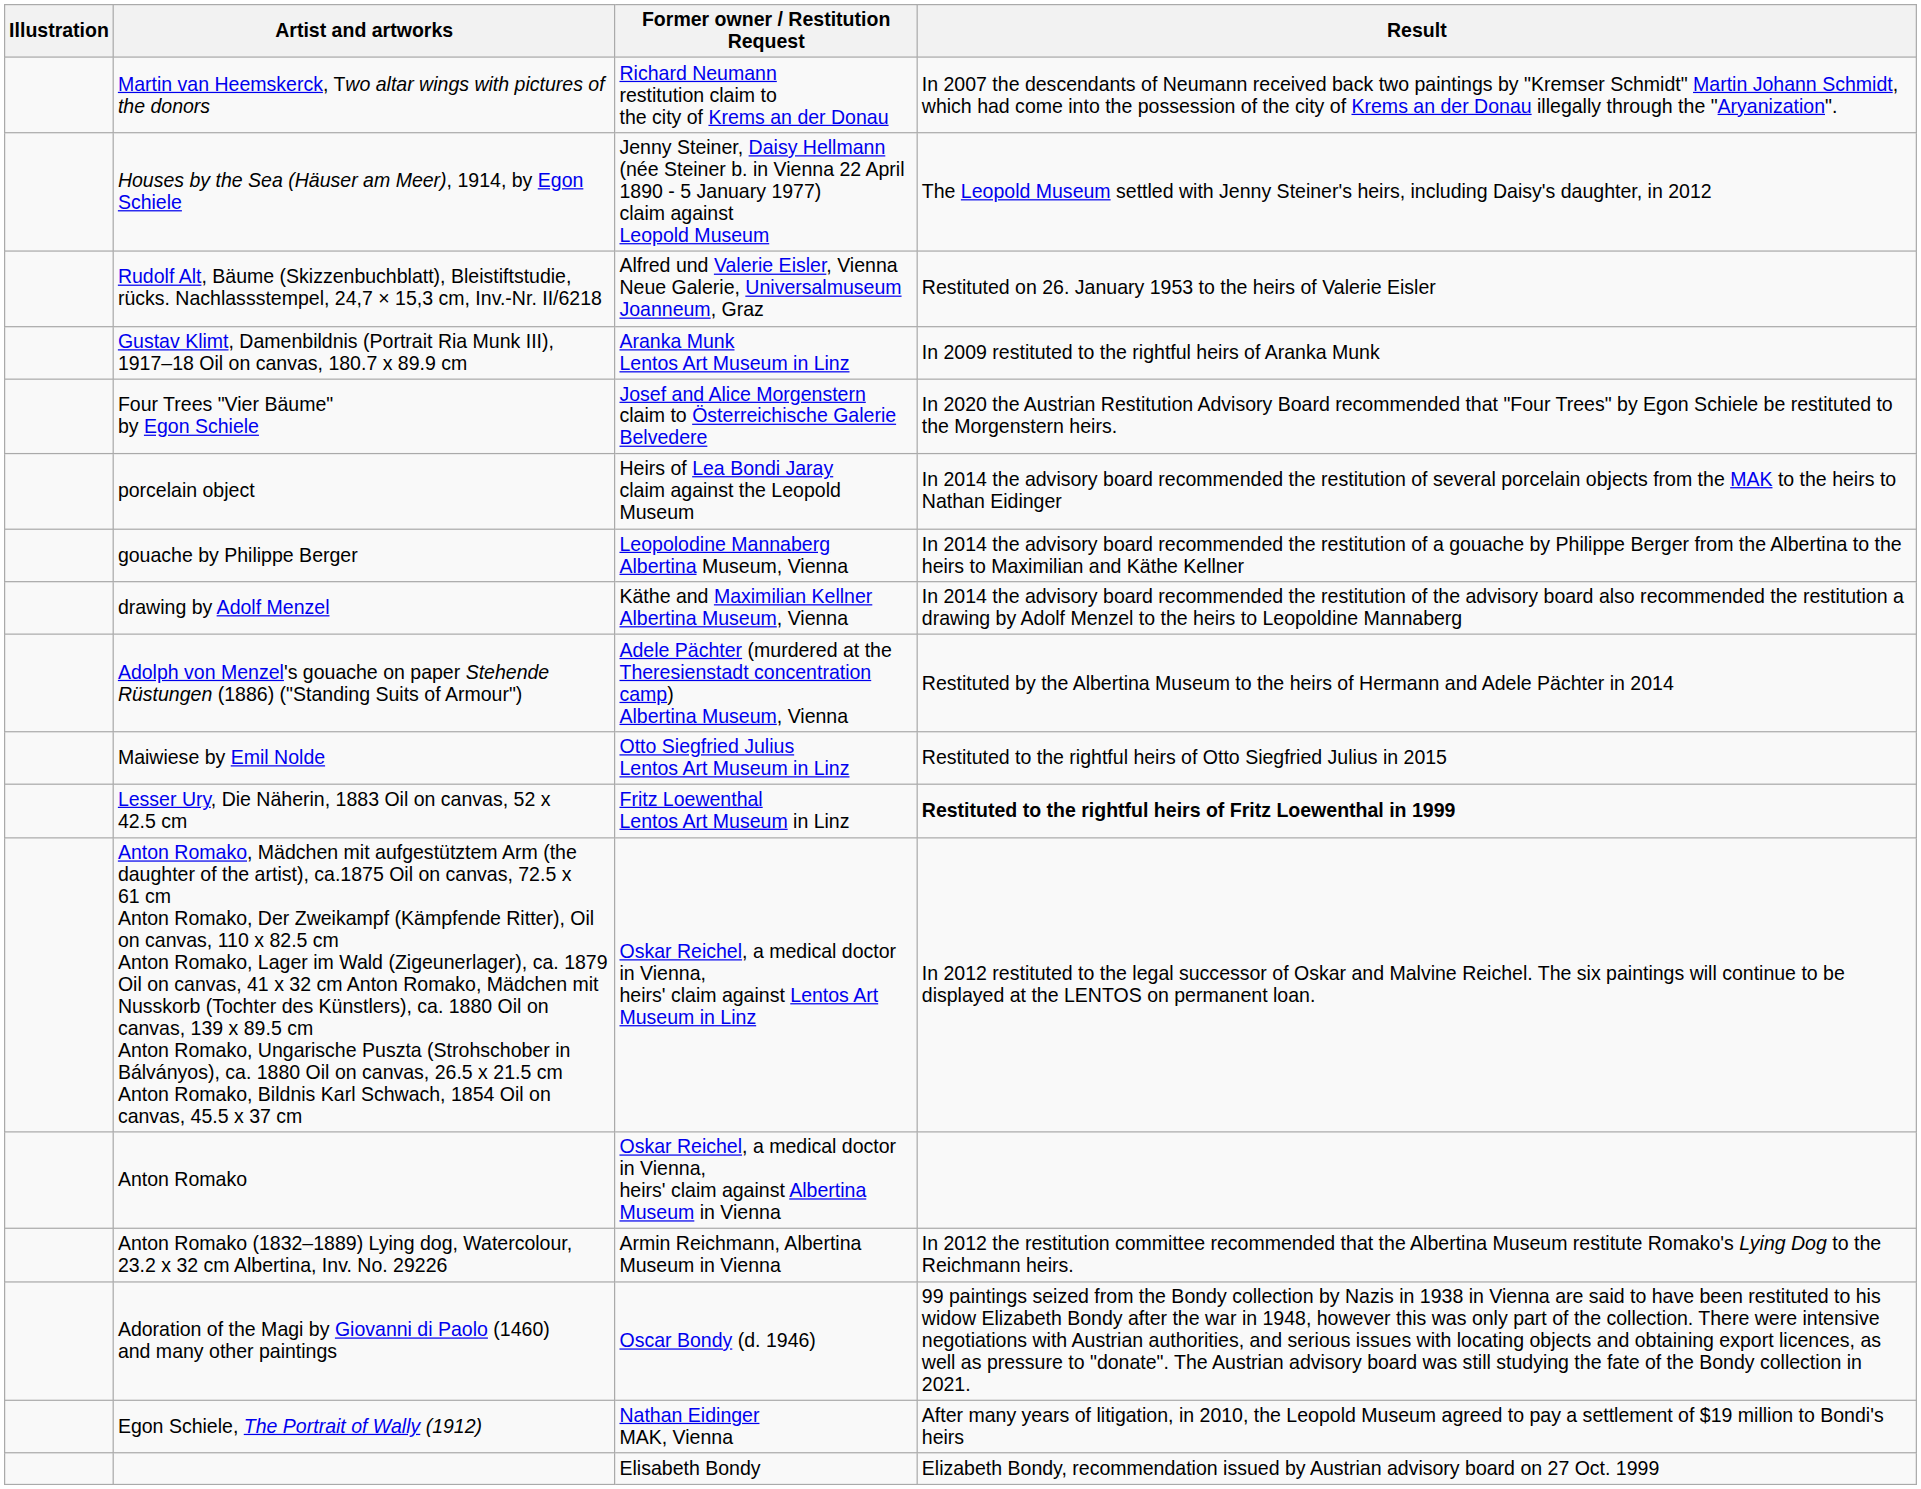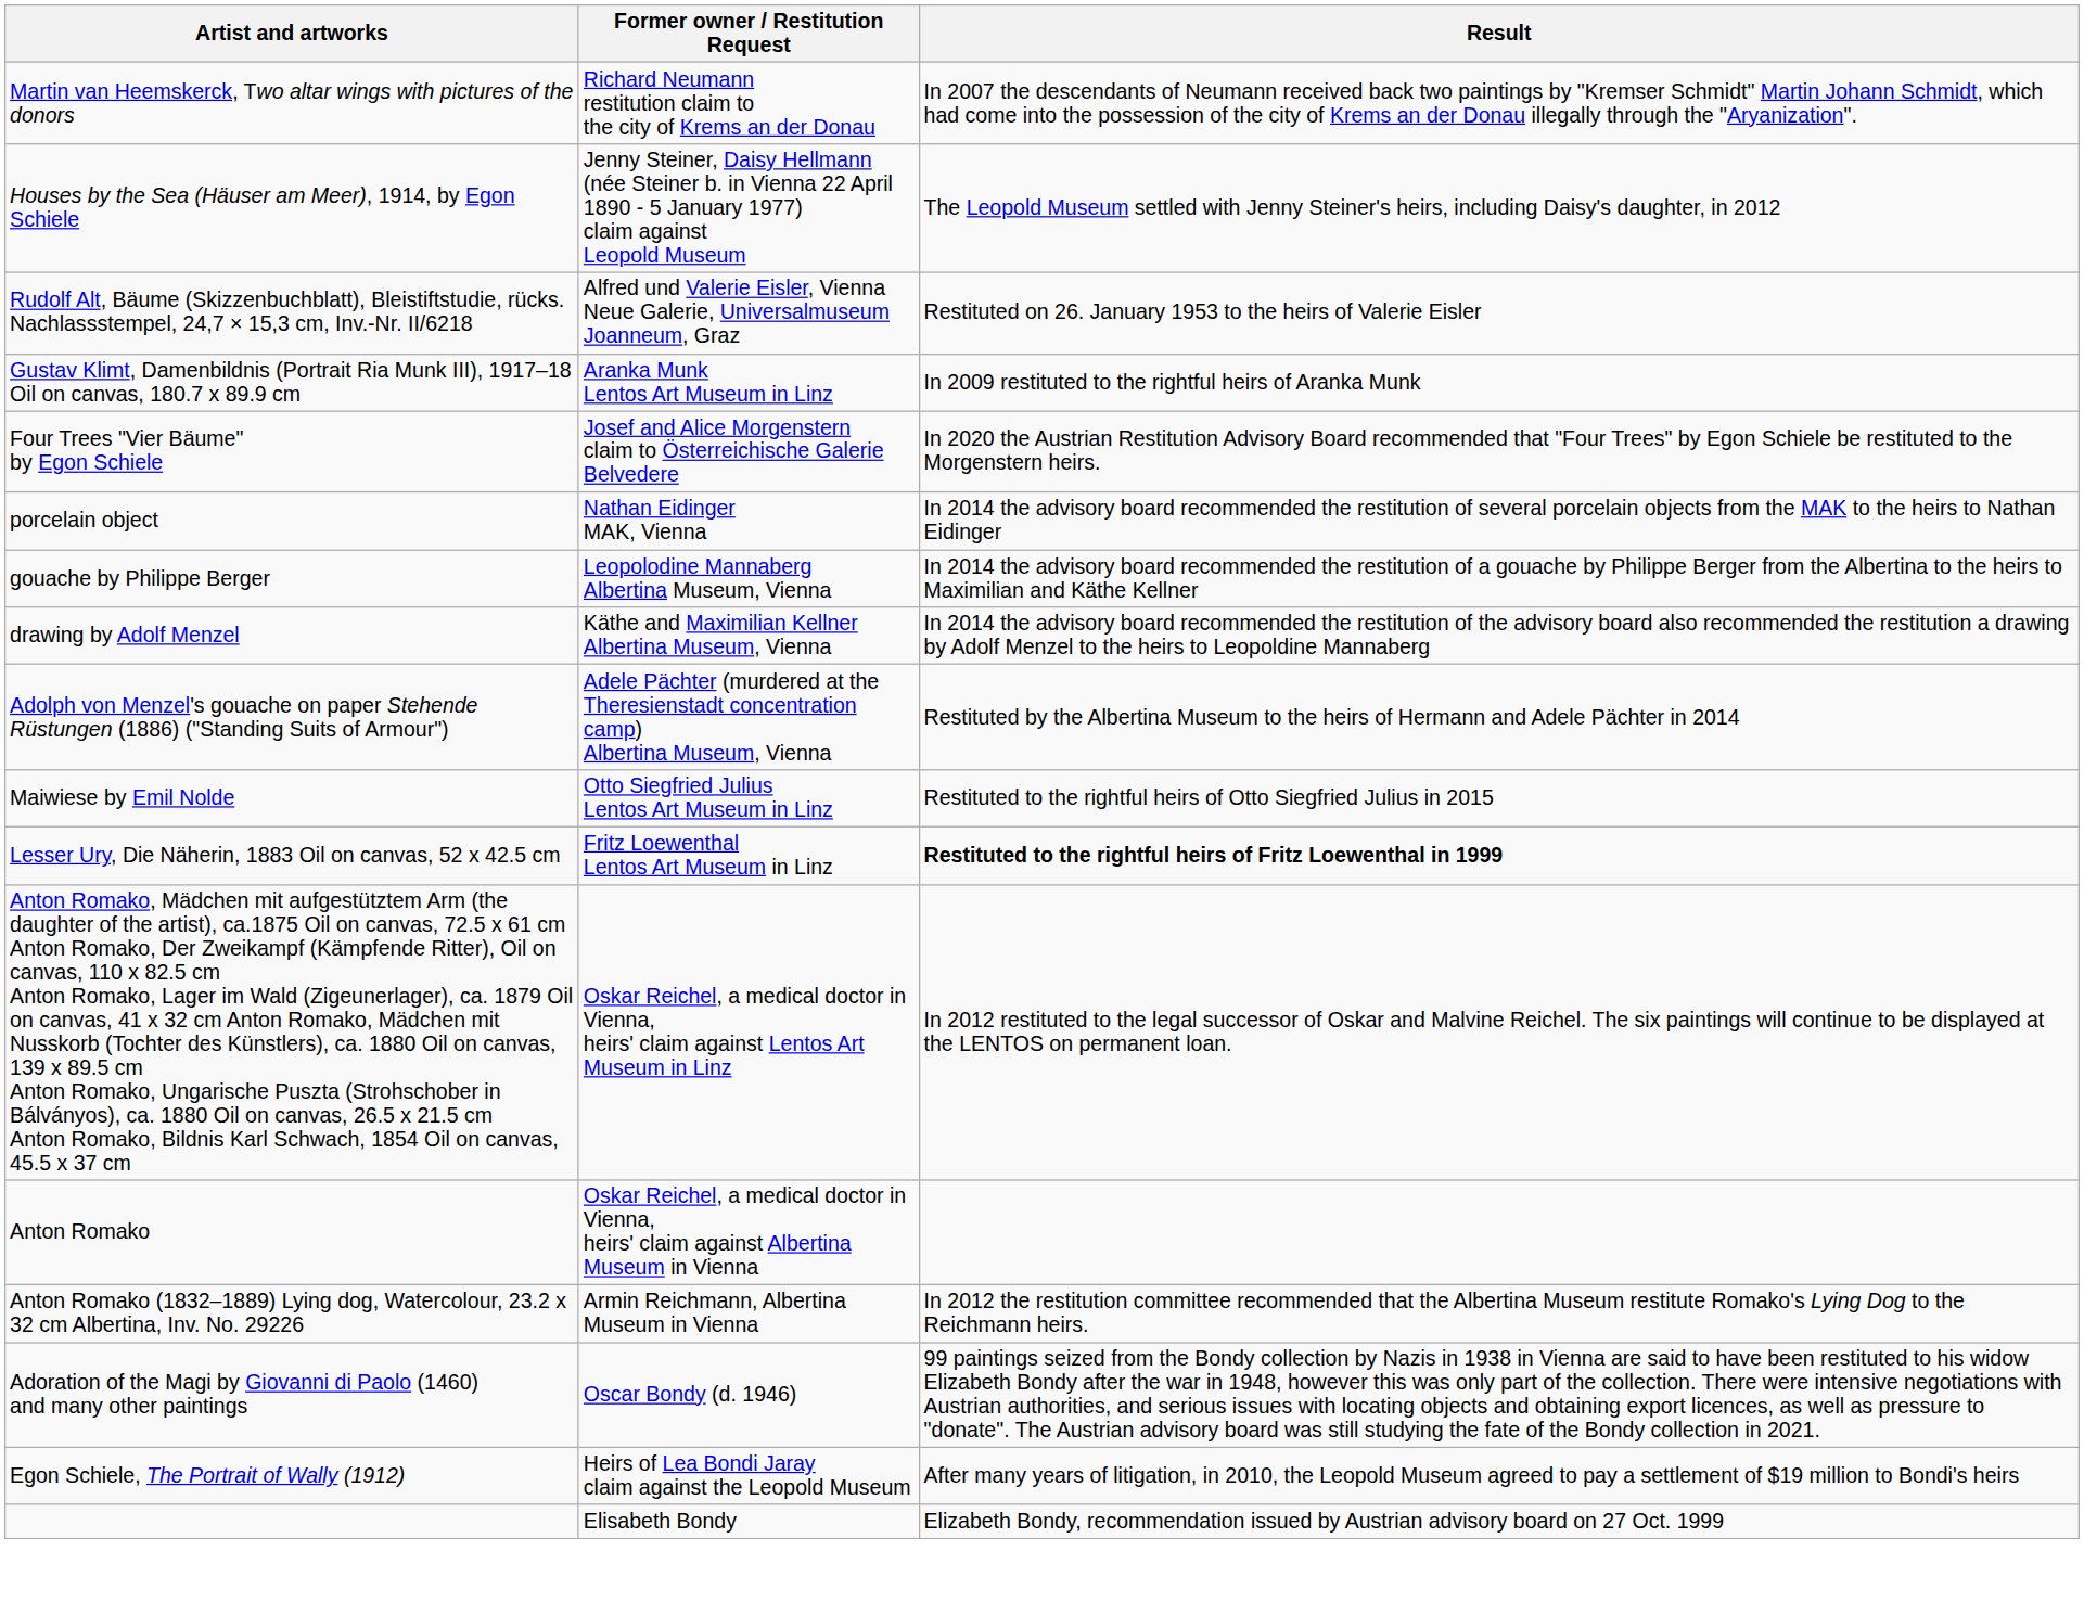 <table class="wikitable">
 <tr>
-<th>Illustration</th>
 <th>Artist and artworks</th>
 <th>Former owner / Restitution Request</th>
 <th>Result</th>
 </tr>
 <tr>
-<td></td>
 <td><a href='#'>Martin van Heemskerck</a>, T<em>wo altar wings with pictures of the donors</em></td>
 <td><a href='#'>Richard Neumann</a><br>restitution claim to<br>the city of <a href='#'>Krems an der Donau</a></td>
 <td>In 2007 the descendants of Neumann received back two paintings by "Kremser Schmidt" <a href='#'>Martin Johann Schmidt</a>, which had come into the possession of the city of <a href='#'>Krems an der Donau</a> illegally through the "<a href='#'>Aryanization</a>".</td>
 </tr>
 <tr>
-<td></td>
 <td><em>Houses by the Sea (Häuser am Meer)</em>, 1914, by <a href='#'>Egon Schiele</a></td>
 <td>Jenny Steiner, <a href='#'>Daisy Hellmann</a> (née Steiner b. in Vienna 22 April 1890 - 5 January 1977)<br>claim against<br><a href='#'>Leopold Museum</a></td>
 <td>The <a href='#'>Leopold Museum</a> settled with Jenny Steiner's heirs, including Daisy's daughter, in 2012</td>
 </tr>
 <tr>
-<td></td>
 <td><a href='#'>Rudolf Alt</a>, Bäume (Skizzenbuchblatt), Bleistiftstudie, rücks. Nachlassstempel, 24,7 × 15,3 cm, Inv.-Nr. II/6218</td>
 <td>Alfred und <a href='#'>Valerie Eisler</a>, Vienna<br>Neue Galerie, <a href='#'>Universalmuseum Joanneum</a>, Graz</td>
 <td>Restituted on 26. January 1953 to the heirs of Valerie Eisler</td>
 </tr>
 <tr>
-<td></td>
 <td><a href='#'>Gustav Klimt</a>, Damenbildnis (Portrait Ria Munk III), 1917–18 Oil on canvas, 180.7 x 89.9 cm</td>
 <td><a href='#'>Aranka Munk</a><br><a href='#'>Lentos Art Museum in Linz</a></td>
 <td>In 2009 restituted to the rightful heirs of Aranka Munk</td>
 </tr>
 <tr>
-<td></td>
 <td>Four Trees "Vier Bäume"<br>by <a href='#'>Egon Schiele</a></td>
 <td><a href='#'>Josef and Alice Morgenstern</a><br>claim to <a href='#'>Österreichische Galerie Belvedere</a></td>
 <td>In 2020 the Austrian Restitution Advisory Board recommended that "Four Trees" by Egon Schiele be restituted to the Morgenstern heirs.</td>
 </tr>
 <tr>
-<td></td>
 <td>porcelain object</td>
-<td>Heirs of <a href='#'>Lea Bondi Jaray</a><br>claim against the Leopold Museum</td>
+<td><a href='#'>Nathan Eidinger</a><br>MAK, Vienna</td>
 <td>In 2014 the advisory board recommended the restitution of several porcelain objects from the <a href='#'>MAK</a> to the heirs to Nathan Eidinger</td>
 </tr>
 <tr>
-<td></td>
 <td>gouache by Philippe Berger</td>
 <td><a href='#'>Leopolodine Mannaberg</a><br><a href='#'>Albertina</a> Museum, Vienna</td>
 <td>In 2014 the advisory board recommended the restitution of a gouache by Philippe Berger from the Albertina to the heirs to Maximilian and Käthe Kellner</td>
 </tr>
 <tr>
-<td></td>
 <td>drawing by <a href='#'>Adolf Menzel</a></td>
 <td>Käthe and <a href='#'>Maximilian Kellner</a><br><a href='#'>Albertina Museum</a>, Vienna</td>
 <td>In 2014 the advisory board recommended the restitution of the advisory board also recommended the restitution a drawing by Adolf Menzel to the heirs to Leopoldine Mannaberg</td>
 </tr>
 <tr>
-<td></td>
 <td><a href='#'>Adolph von Menzel</a>'s gouache on paper <em>Stehende Rüstungen</em> (1886) ("Standing Suits of Armour")</td>
 <td><a href='#'>Adele Pächter</a> (murdered at the <a href='#'>Theresienstadt concentration camp</a>)<br><a href='#'>Albertina Museum</a>, Vienna</td>
 <td>Restituted by the Albertina Museum to the heirs of Hermann and Adele Pächter in 2014</td>
 </tr>
 <tr>
-<td></td>
 <td>Maiwiese by <a href='#'>Emil Nolde</a></td>
 <td><a href='#'>Otto Siegfried Julius</a><br><a href='#'>Lentos Art Museum in Linz</a></td>
 <td>Restituted to the rightful heirs of Otto Siegfried Julius in 2015</td>
 </tr>
 <tr>
-<td></td>
 <td><a href='#'>Lesser Ury</a>, Die Näherin, 1883 Oil on canvas, 52 x 42.5 cm</td>
 <td><a href='#'>Fritz Loewenthal</a><br><a href='#'>Lentos Art Museum</a>  in Linz</td>
 <td><strong>Restituted to the rightful heirs of Fritz Loewenthal in 1999</strong></td>
 </tr>
 <tr>
-<td></td>
 <td><a href='#'>Anton Romako</a>, Mädchen mit aufgestütztem Arm (the daughter of the artist), ca.1875 Oil on canvas, 72.5 x 61 cm<br>Anton Romako, Der Zweikampf (Kämpfende Ritter), Oil on canvas, 110 x 82.5 cm<br>Anton Romako, Lager im Wald (Zigeunerlager), ca. 1879 Oil on canvas, 41 x 32 cm Anton Romako, Mädchen mit Nusskorb (Tochter des Künstlers), ca. 1880 Oil on canvas, 139 x 89.5 cm<br>Anton Romako, Ungarische Puszta (Strohschober in Bálványos), ca. 1880 Oil on canvas, 26.5 x 21.5 cm<br>Anton Romako, Bildnis Karl Schwach, 1854 Oil on canvas, 45.5 x 37 cm</td>
 <td><a href='#'>Oskar Reichel</a>, a medical doctor in Vienna,<br>heirs' claim against <a href='#'>Lentos Art Museum in Linz</a></td>
 <td>In 2012 restituted to the legal successor of Oskar and Malvine Reichel. The six paintings will continue to be displayed at the LENTOS on permanent loan.</td>
 </tr>
 <tr>
-<td></td>
 <td>Anton Romako</td>
 <td><a href='#'>Oskar Reichel</a>, a medical doctor in Vienna,<br>heirs' claim against <a href='#'>Albertina Museum</a> in Vienna</td>
 <td></td>
 </tr>
 <tr>
-<td></td>
 <td>Anton Romako (1832–1889) Lying dog, Watercolour, 23.2 x 32 cm Albertina, Inv. No. 29226</td>
 <td>Armin Reichmann,  Albertina Museum in Vienna</td>
 <td>In 2012 the restitution committee recommended that the Albertina Museum restitute Romako's <em>Lying Dog</em> to the Reichmann heirs.</td>
 </tr>
 <tr>
-<td></td>
 <td>Adoration of the Magi by <a href='#'>Giovanni di Paolo</a> (1460)<br>and many other paintings</td>
 <td><a href='#'>Oscar Bondy</a> (d. 1946)</td>
 <td>99 paintings seized from the Bondy collection by Nazis in 1938 in Vienna are said to have been restituted to his widow Elizabeth Bondy after the war in 1948, however this was only part of the collection. There were intensive negotiations with Austrian authorities, and serious issues with locating objects and obtaining export licences, as well as pressure to "donate". The Austrian advisory board was still studying the fate of the Bondy collection in 2021.</td>
 </tr>
 <tr>
-<td></td>
 <td>Egon Schiele, <em><a href='#'>The Portrait of Wally</a> (1912)</em></td>
-<td><a href='#'>Nathan Eidinger</a><br>MAK, Vienna</td>
+<td>Heirs of <a href='#'>Lea Bondi Jaray</a><br>claim against the Leopold Museum</td>
 <td>After many years of litigation, in 2010, the Leopold Museum agreed to pay a settlement of $19 million to Bondi's heirs</td>
 </tr>
 <tr>
-<td></td>
 <td></td>
 <td>Elisabeth Bondy</td>
 <td>Elizabeth Bondy, recommendation issued by Austrian advisory board on 27 Oct. 1999</td>
 </tr>
 </table>
